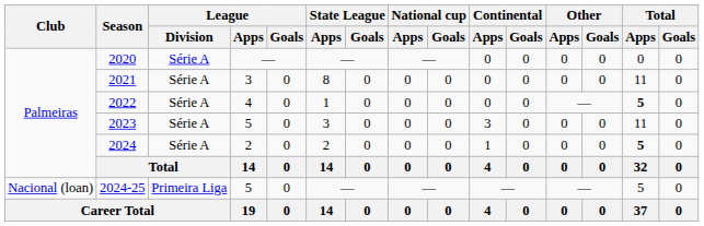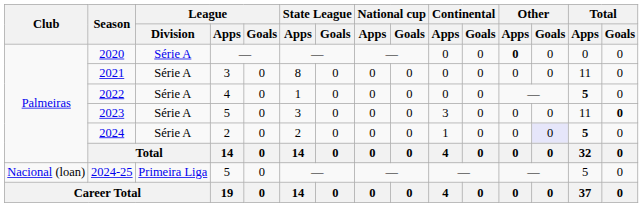 <table class="wikitable" style="text-align: center;">
 <tr>
 <th rowspan="2">Club</th>
 <th rowspan="2">Season</th>
 <th colspan="3">League</th>
 <th colspan="2">State League</th>
 <th colspan="2">National cup</th>
 <th colspan="2">Continental</th>
 <th colspan="2">Other</th>
 <th colspan="2">Total</th>
 </tr>
 <tr>
 <th>Division</th>
 <th>Apps</th>
 <th>Goals</th>
 <th>Apps</th>
 <th>Goals</th>
 <th>Apps</th>
 <th>Goals</th>
 <th>Apps</th>
 <th>Goals</th>
 <th>Apps</th>
 <th>Goals</th>
 <th>Apps</th>
 <th>Goals</th>
 </tr>
 <tr>
 <td rowspan="6"><a href='#'>Palmeiras</a></td>
 <td><a href='#'>2020</a></td>
 <td><a href='#'>Série A</a></td>
 <td colspan="2">—</td>
 <td colspan="2">—</td>
 <td colspan="2">—</td>
 <td>0</td>
 <td>0</td>
-<td>0</td>
+<td><strong>0</strong></td>
 <td>0</td>
 <td>0</td>
 <td>0</td>
 </tr>
 <tr>
 <td><a href='#'>2021</a></td>
 <td>Série A</td>
 <td>3</td>
 <td>0</td>
 <td>8</td>
 <td>0</td>
 <td>0</td>
 <td>0</td>
 <td>0</td>
 <td>0</td>
 <td>0</td>
 <td>0</td>
 <td>11</td>
 <td>0</td>
 </tr>
 <tr>
 <td><a href='#'>2022</a></td>
 <td>Série A</td>
 <td>4</td>
 <td>0</td>
 <td>1</td>
 <td>0</td>
 <td>0</td>
 <td>0</td>
 <td>0</td>
 <td>0</td>
 <td colspan="2">—</td>
 <td><strong>5</strong></td>
 <td>0</td>
 </tr>
 <tr>
 <td><a href='#'>2023</a></td>
 <td>Série A</td>
 <td>5</td>
 <td>0</td>
 <td>3</td>
 <td>0</td>
 <td>0</td>
 <td>0</td>
 <td>3</td>
 <td>0</td>
 <td>0</td>
 <td>0</td>
 <td>11</td>
-<td>0</td>
+<td><strong>0</strong></td>
 </tr>
 <tr>
 <td><a href='#'>2024</a></td>
 <td>Série A</td>
 <td>2</td>
 <td>0</td>
 <td>2</td>
 <td>0</td>
 <td>0</td>
 <td>0</td>
 <td>1</td>
 <td>0</td>
 <td>0</td>
-<td>0</td>
+<td style="background: lavender;">0</td>
 <td><strong>5</strong></td>
 <td>0</td>
 </tr>
 <tr>
 <th colspan="2">Total</th>
 <th>14</th>
 <th>0</th>
 <th>14</th>
 <th>0</th>
 <th>0</th>
 <th>0</th>
 <th>4</th>
 <th>0</th>
 <th>0</th>
 <th>0</th>
 <th>32</th>
 <th>0</th>
 </tr>
 <tr>
 <td><a href='#'>Nacional</a> (loan)</td>
 <td><a href='#'>2024-25</a></td>
 <td><a href='#'>Primeira Liga</a></td>
 <td>5</td>
 <td>0</td>
 <td colspan="2">—</td>
 <td colspan="2">—</td>
 <td colspan="2">—</td>
 <td colspan="2">—</td>
 <td>5</td>
 <td>0</td>
 </tr>
 <tr>
 <th colspan="3">Career Total</th>
 <th>19</th>
 <th>0</th>
 <th>14</th>
 <th>0</th>
 <th>0</th>
 <th>0</th>
 <th>4</th>
 <th>0</th>
 <th>0</th>
 <th>0</th>
 <th>37</th>
 <th>0</th>
 </tr>
 </table>
